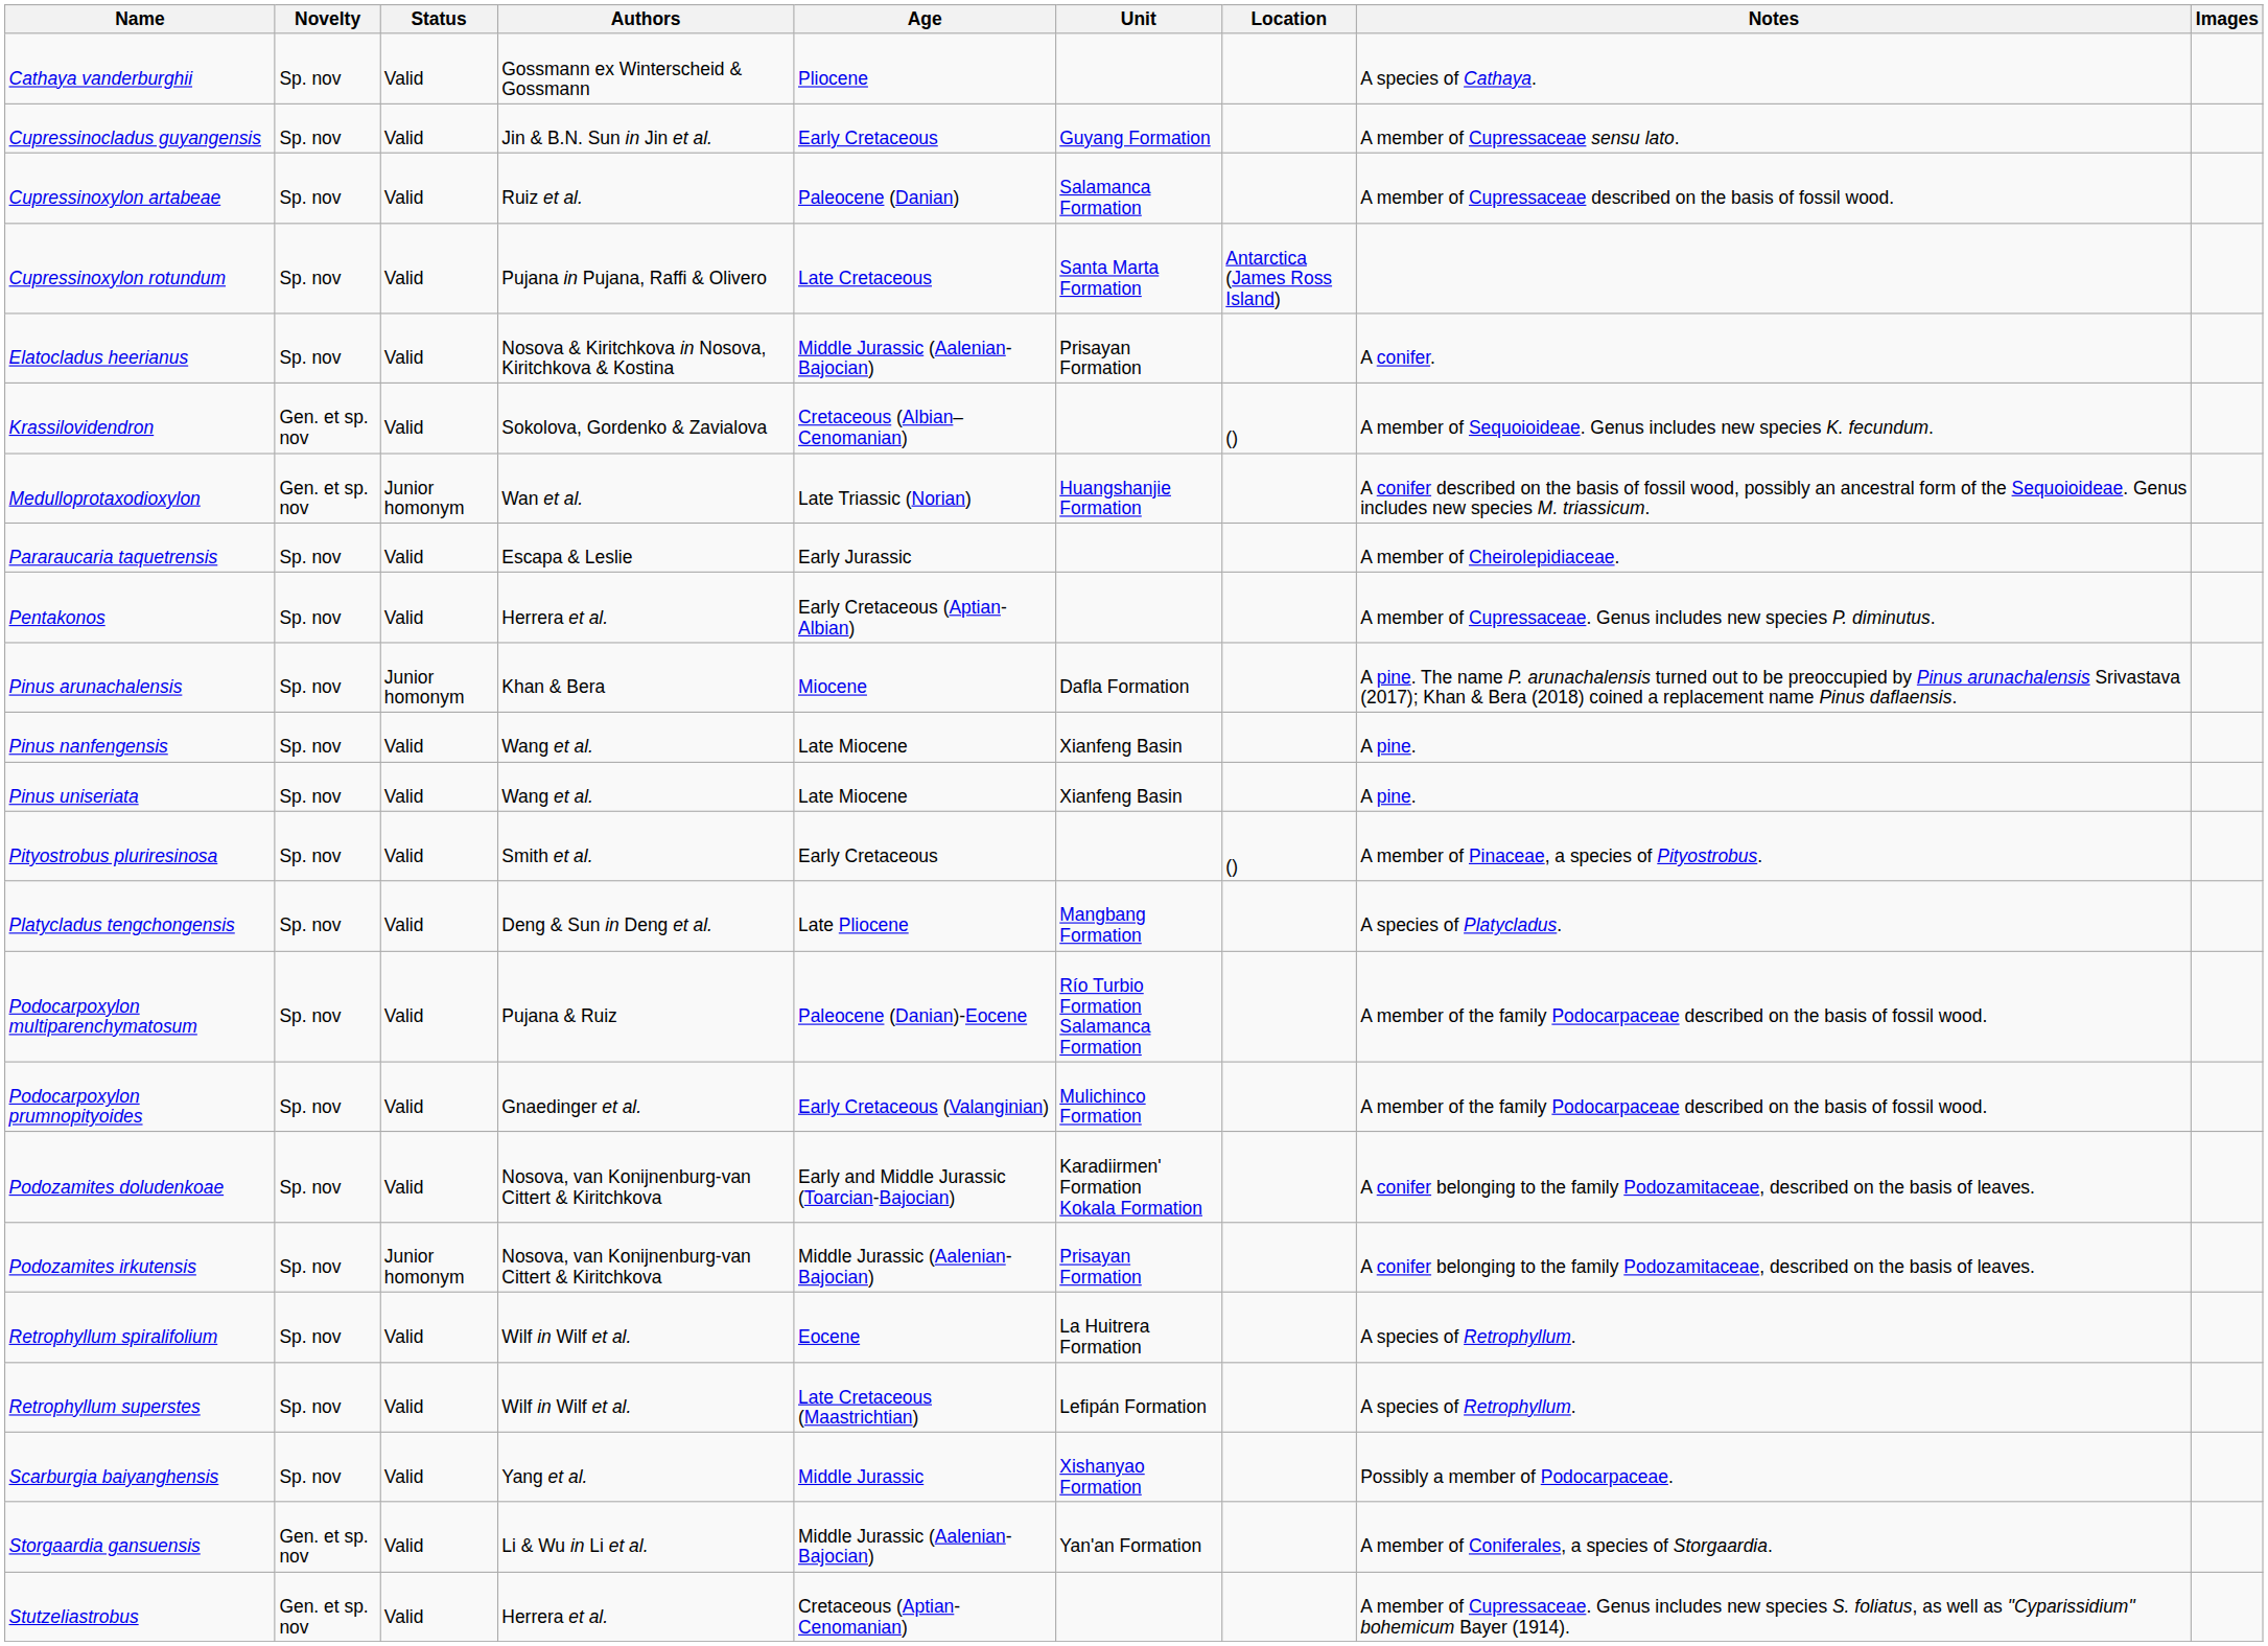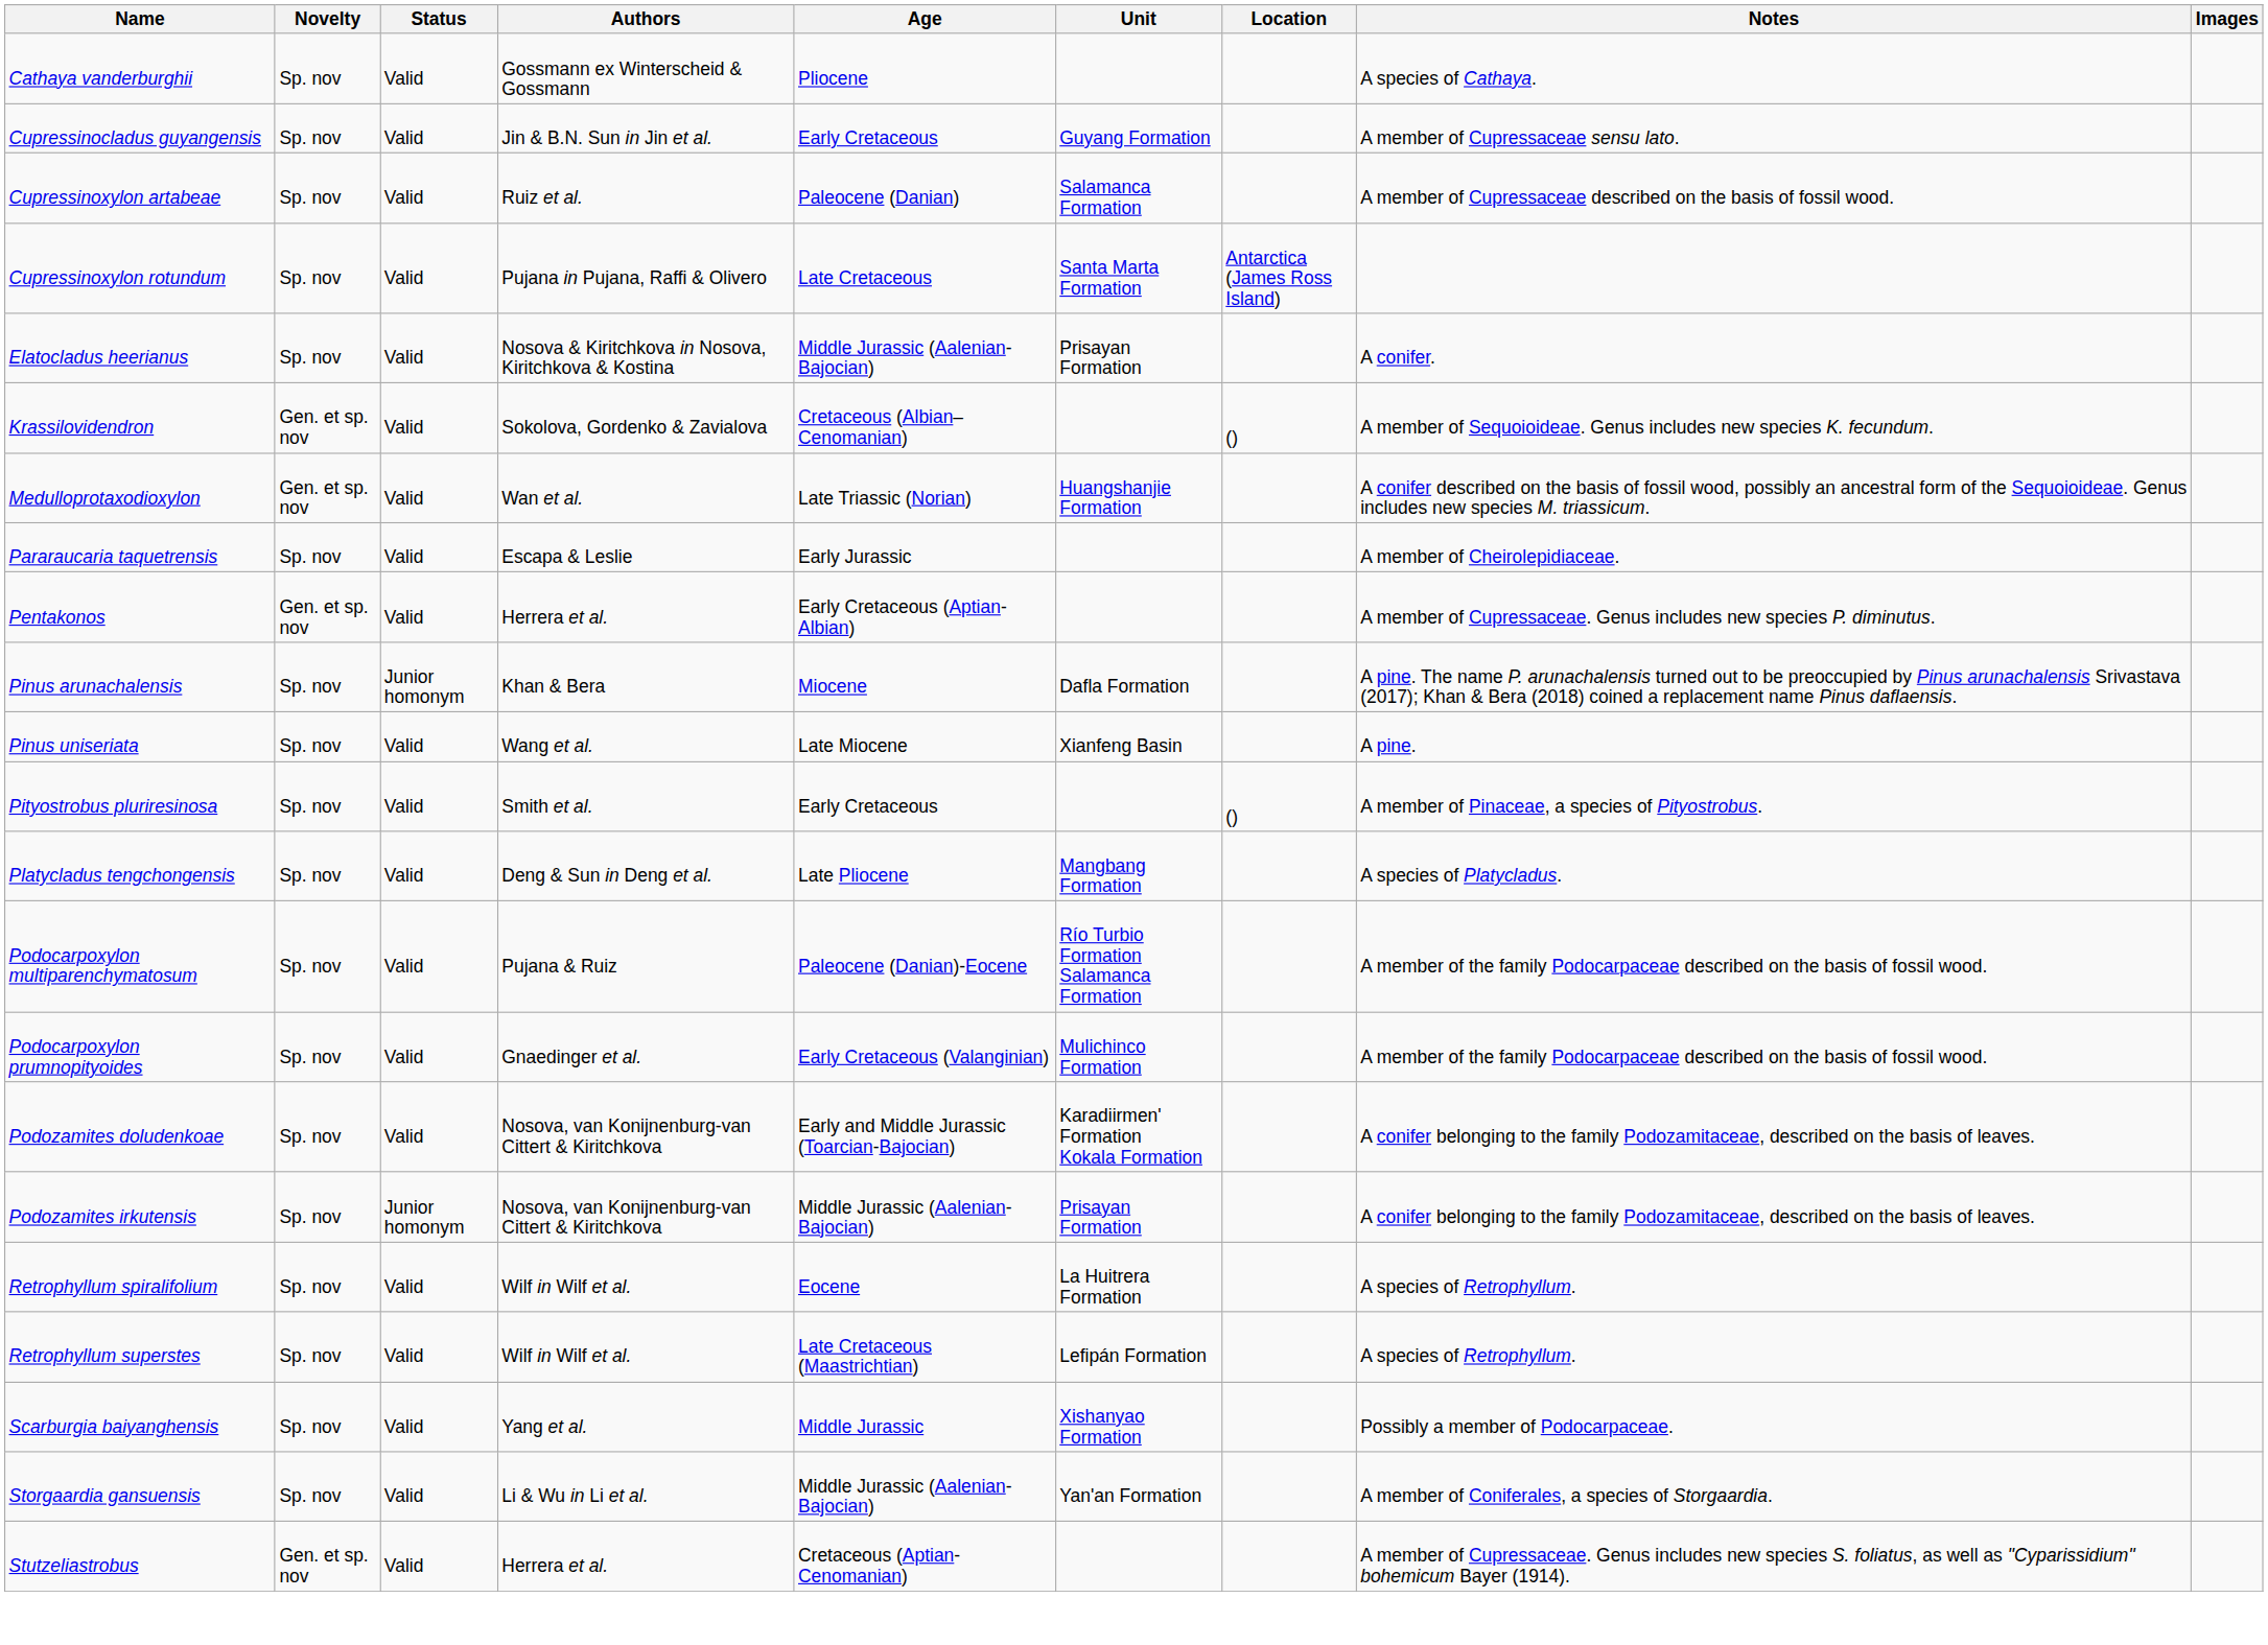 <table class="wikitable sortable" align="center" width="100%">
 <tr>
 <th>Name</th>
 <th>Novelty</th>
 <th>Status</th>
 <th>Authors</th>
 <th>Age</th>
 <th>Unit</th>
 <th>Location</th>
 <th>Notes</th>
 <th>Images</th>
 </tr>
 <tr>
 <td><br><em><a href='#'>Cathaya vanderburghii</a></em></td>
 <td><br>Sp. nov</td>
 <td><br>Valid</td>
 <td><br>Gossmann ex Winterscheid & Gossmann</td>
 <td><br><a href='#'>Pliocene</a></td>
 <td></td>
 <td><br><br> </td>
 <td><br>A species of <em><a href='#'>Cathaya</a></em>.</td>
 <td></td>
 </tr>
 <tr>
 <td><br><em><a href='#'>Cupressinocladus guyangensis</a></em></td>
 <td><br>Sp. nov</td>
 <td><br>Valid</td>
 <td><br>Jin & B.N. Sun <em>in</em> Jin <em>et al.</em></td>
 <td><br><a href='#'>Early Cretaceous</a></td>
 <td><br><a href='#'>Guyang Formation</a></td>
 <td><br></td>
 <td><br>A member of <a href='#'>Cupressaceae</a> <em>sensu lato</em>.</td>
 <td></td>
 </tr>
 <tr>
 <td><br><em><a href='#'>Cupressinoxylon artabeae</a></em></td>
 <td><br>Sp. nov</td>
 <td><br>Valid</td>
 <td><br>Ruiz <em>et al.</em></td>
 <td><br><a href='#'>Paleocene</a> (<a href='#'>Danian</a>)</td>
 <td><br><a href='#'>Salamanca Formation</a></td>
 <td><br></td>
 <td><br>A member of <a href='#'>Cupressaceae</a> described on the basis of fossil wood.</td>
 <td></td>
 </tr>
 <tr>
 <td><br><em><a href='#'>Cupressinoxylon rotundum</a></em></td>
 <td><br>Sp. nov</td>
 <td><br>Valid</td>
 <td><br>Pujana <em>in</em> Pujana, Raffi & Olivero</td>
 <td><br><a href='#'>Late Cretaceous</a></td>
 <td><br><a href='#'>Santa Marta Formation</a></td>
 <td><br><a href='#'>Antarctica</a><br>(<a href='#'>James Ross Island</a>)</td>
 <td></td>
 <td></td>
 </tr>
 <tr>
 <td><br><em><a href='#'>Elatocladus heerianus</a></em></td>
 <td><br>Sp. nov</td>
 <td><br>Valid</td>
 <td><br>Nosova & Kiritchkova <em>in</em> Nosova, Kiritchkova & Kostina</td>
 <td><br><a href='#'>Middle Jurassic</a> (<a href='#'>Aalenian</a>-<a href='#'>Bajocian</a>)</td>
 <td><br>Prisayan Formation</td>
 <td><br></td>
 <td><br>A <a href='#'>conifer</a>.</td>
 <td></td>
 </tr>
 <tr>
 <td><br><em><a href='#'>Krassilovidendron</a></em></td>
 <td><br>Gen. et sp. nov</td>
 <td><br>Valid</td>
 <td><br>Sokolova, Gordenko & Zavialova</td>
 <td><br><a href='#'>Cretaceous</a> (<a href='#'>Albian</a>–<a href='#'>Cenomanian</a>)</td>
 <td></td>
 <td><br><br>()</td>
 <td><br>A member of <a href='#'>Sequoioideae</a>. Genus includes new species <em>K. fecundum</em>.</td>
 <td></td>
 </tr>
 <tr>
 <td><br><em><a href='#'>Medulloprotaxodioxylon</a></em></td>
 <td><br>Gen. et sp. nov</td>
-<td><br>Junior homonym</td>
+<td><br>Valid</td>
 <td><br>Wan <em>et al.</em></td>
 <td><br>Late Triassic (<a href='#'>Norian</a>)</td>
 <td><br><a href='#'>Huangshanjie Formation</a></td>
 <td><br></td>
 <td><br>A <a href='#'>conifer</a> described on the basis of fossil wood, possibly an ancestral form of the <a href='#'>Sequoioideae</a>. Genus includes new species <em>M. triassicum</em>.</td>
 <td></td>
 </tr>
 <tr>
 <td><br><em><a href='#'>Pararaucaria taquetrensis</a></em></td>
 <td><br>Sp. nov</td>
 <td><br>Valid</td>
 <td><br>Escapa & Leslie</td>
 <td><br>Early Jurassic</td>
 <td></td>
 <td><br></td>
 <td><br>A member of <a href='#'>Cheirolepidiaceae</a>.</td>
 <td></td>
 </tr>
 <tr>
 <td><br><em><a href='#'>Pentakonos</a></em></td>
-<td><br>Sp. nov</td>
+<td><br>Gen. et sp. nov</td>
 <td><br>Valid</td>
 <td><br>Herrera <em>et al.</em></td>
 <td><br>Early Cretaceous (<a href='#'>Aptian</a>-<a href='#'>Albian</a>)</td>
 <td></td>
 <td><br></td>
 <td><br>A member of <a href='#'>Cupressaceae</a>. Genus includes new species <em>P. diminutus</em>.</td>
 <td></td>
 </tr>
 <tr>
 <td><br><em><a href='#'>Pinus arunachalensis</a></em></td>
 <td><br>Sp. nov</td>
 <td><br>Junior homonym</td>
 <td><br>Khan & Bera</td>
 <td><br><a href='#'>Miocene</a></td>
 <td><br>Dafla Formation</td>
 <td><br></td>
 <td><br>A <a href='#'>pine</a>. The name <em>P. arunachalensis</em> turned out to be preoccupied by <em><a href='#'>Pinus arunachalensis</a></em> Srivastava (2017); Khan & Bera (2018) coined a replacement name <em>Pinus daflaensis</em>.</td>
-<td></td>
-</tr>
-<tr>
-<td><br><em><a href='#'>Pinus nanfengensis</a></em></td>
-<td><br>Sp. nov</td>
-<td><br>Valid</td>
-<td><br>Wang <em>et al.</em></td>
-<td><br>Late Miocene</td>
-<td><br>Xianfeng Basin</td>
-<td><br></td>
-<td><br>A <a href='#'>pine</a>.</td>
 <td></td>
 </tr>
 <tr>
 <td><br><em><a href='#'>Pinus uniseriata</a></em></td>
 <td><br>Sp. nov</td>
 <td><br>Valid</td>
 <td><br>Wang <em>et al.</em></td>
 <td><br>Late Miocene</td>
 <td><br>Xianfeng Basin</td>
 <td><br></td>
 <td><br>A <a href='#'>pine</a>.</td>
 <td></td>
 </tr>
 <tr>
 <td><br><em><a href='#'>Pityostrobus pluriresinosa</a></em></td>
 <td><br>Sp. nov</td>
 <td><br>Valid</td>
 <td><br>Smith <em>et al.</em></td>
 <td><br>Early Cretaceous</td>
 <td></td>
 <td><br><br>()</td>
 <td><br>A member of <a href='#'>Pinaceae</a>, a species of <em><a href='#'>Pityostrobus</a></em>.</td>
 <td></td>
 </tr>
 <tr>
 <td><br><em><a href='#'>Platycladus tengchongensis</a></em></td>
 <td><br>Sp. nov</td>
 <td><br>Valid</td>
 <td><br>Deng & Sun <em>in</em> Deng <em>et al.</em></td>
 <td><br>Late <a href='#'>Pliocene</a></td>
 <td><br><a href='#'>Mangbang Formation</a></td>
 <td><br></td>
 <td><br>A species of <em><a href='#'>Platycladus</a></em>.</td>
 <td></td>
 </tr>
 <tr>
 <td><br><em><a href='#'>Podocarpoxylon multiparenchymatosum</a></em></td>
 <td><br>Sp. nov</td>
 <td><br>Valid</td>
 <td><br>Pujana & Ruiz</td>
 <td><br><a href='#'>Paleocene</a> (<a href='#'>Danian</a>)-<a href='#'>Eocene</a></td>
 <td><br><a href='#'>Río Turbio Formation</a><br> <a href='#'>Salamanca Formation</a></td>
 <td><br></td>
 <td><br>A member of the family <a href='#'>Podocarpaceae</a> described on the basis of fossil wood.</td>
 <td></td>
 </tr>
 <tr>
 <td><br><em><a href='#'>Podocarpoxylon prumnopityoides</a></em></td>
 <td><br>Sp. nov</td>
 <td><br>Valid</td>
 <td><br>Gnaedinger <em>et al.</em></td>
 <td><br><a href='#'>Early Cretaceous</a> (<a href='#'>Valanginian</a>)</td>
 <td><br><a href='#'>Mulichinco Formation</a></td>
 <td><br></td>
 <td><br>A member of the family <a href='#'>Podocarpaceae</a> described on the basis of fossil wood.</td>
 <td></td>
 </tr>
 <tr>
 <td><br><em><a href='#'>Podozamites doludenkoae</a></em></td>
 <td><br>Sp. nov</td>
 <td><br>Valid</td>
 <td><br>Nosova, van Konijnenburg-van Cittert & Kiritchkova</td>
 <td><br>Early and Middle Jurassic (<a href='#'>Toarcian</a>-<a href='#'>Bajocian</a>)</td>
 <td><br>Karadiirmen' Formation<br> <a href='#'>Kokala Formation</a></td>
 <td><br></td>
 <td><br>A <a href='#'>conifer</a> belonging to the family <a href='#'>Podozamitaceae</a>, described on the basis of leaves.</td>
 <td></td>
 </tr>
 <tr>
 <td><br><em><a href='#'>Podozamites irkutensis</a></em></td>
 <td><br>Sp. nov</td>
 <td><br>Junior homonym</td>
 <td><br>Nosova, van Konijnenburg-van Cittert & Kiritchkova</td>
 <td><br>Middle Jurassic (<a href='#'>Aalenian</a>-<a href='#'>Bajocian</a>)</td>
 <td><br><a href='#'>Prisayan Formation</a></td>
 <td><br></td>
 <td><br>A <a href='#'>conifer</a> belonging to the family <a href='#'>Podozamitaceae</a>, described on the basis of leaves.</td>
 <td></td>
 </tr>
 <tr>
 <td><br><em><a href='#'>Retrophyllum spiralifolium</a></em></td>
 <td><br>Sp. nov</td>
 <td><br>Valid</td>
 <td><br>Wilf <em>in</em> Wilf <em>et al.</em></td>
 <td><br><a href='#'>Eocene</a></td>
 <td><br>La Huitrera Formation</td>
 <td><br></td>
 <td><br>A species of <em><a href='#'>Retrophyllum</a></em>.</td>
 <td></td>
 </tr>
 <tr>
 <td><br><em><a href='#'>Retrophyllum superstes</a></em></td>
 <td><br>Sp. nov</td>
 <td><br>Valid</td>
 <td><br>Wilf <em>in</em> Wilf <em>et al.</em></td>
 <td><br><a href='#'>Late Cretaceous</a> (<a href='#'>Maastrichtian</a>)</td>
 <td><br>Lefipán Formation</td>
 <td><br></td>
 <td><br>A species of <em><a href='#'>Retrophyllum</a></em>.</td>
 <td></td>
 </tr>
 <tr>
 <td><br><em><a href='#'>Scarburgia baiyanghensis</a></em></td>
 <td><br>Sp. nov</td>
 <td><br>Valid</td>
 <td><br>Yang <em>et al.</em></td>
 <td><br><a href='#'>Middle Jurassic</a></td>
 <td><br><a href='#'>Xishanyao Formation</a></td>
 <td><br></td>
 <td><br>Possibly a member of <a href='#'>Podocarpaceae</a>.</td>
 <td></td>
 </tr>
 <tr>
 <td><br><em><a href='#'>Storgaardia gansuensis</a></em></td>
-<td><br>Gen. et sp. nov</td>
+<td><br>Sp. nov</td>
 <td><br>Valid</td>
 <td><br>Li & Wu <em>in</em> Li <em>et al.</em></td>
 <td><br>Middle Jurassic (<a href='#'>Aalenian</a>-<a href='#'>Bajocian</a>)</td>
 <td><br>Yan'an Formation</td>
 <td><br></td>
 <td><br>A member of <a href='#'>Coniferales</a>, a species of <em>Storgaardia</em>.</td>
 <td></td>
 </tr>
 <tr>
 <td><br><em><a href='#'>Stutzeliastrobus</a></em></td>
 <td><br>Gen. et sp. nov</td>
 <td><br>Valid</td>
 <td><br>Herrera <em>et al.</em></td>
 <td><br>Cretaceous (<a href='#'>Aptian</a>-<a href='#'>Cenomanian</a>)</td>
 <td></td>
 <td><br><br> </td>
 <td><br>A member of <a href='#'>Cupressaceae</a>. Genus includes new species <em>S. foliatus</em>, as well as <em>"Cyparissidium" bohemicum</em> Bayer (1914).</td>
 <td></td>
 </tr>
 <tr>
 </tr>
 </table>
